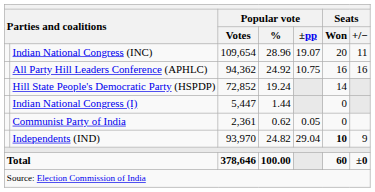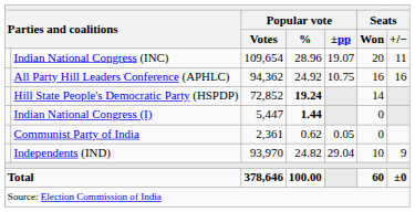 <table class=wikitable style=text-align:right>
 <tr>
 <th colspan=10></th>
 </tr>
 <tr>
 <th style="text-align:left;" rowspan="2" colspan="2">Parties and coalitions</th>
 <th colspan="3">Popular vote</th>
 <th colspan="2">Seats</th>
 </tr>
 <tr>
 <th>Votes</th>
 <th>%</th>
 <th>±<a href='#'>pp</a></th>
 <th>Won</th>
 <th>+/−</th>
 </tr>
 <tr>
 <td width="1" style="color:inherit;background:"></td>
 <td align="left"><a href='#'>Indian National Congress</a> (INC)</td>
 <td>109,654</td>
 <td>28.96</td>
 <td>19.07 </td>
 <td>20</td>
 <td>11 </td>
 </tr>
 <tr>
 <td width="1" style="color:inherit;background:"></td>
 <td align="left"><a href='#'>All Party Hill Leaders Conference</a> (APHLC)</td>
 <td>94,362</td>
 <td>24.92</td>
 <td>10.75 </td>
 <td>16</td>
 <td>16 </td>
 </tr>
 <tr>
 <td width="1" style="color:inherit;background:"></td>
 <td align="left"><a href='#'>Hill State People's Democratic Party</a> (HSPDP)</td>
 <td>72,852</td>
-<td>19.24</td>
+<td><strong>19.24</strong></td>
 <td style="color:inherit;background:#E9E9E9"></td>
 <td>14</td>
 <td style="color:inherit;background:#E9E9E9"></td>
 </tr>
 <tr>
 <td width="1" style="color:inherit;background:"></td>
 <td align="left"><a href='#'>Indian National Congress (I)</a></td>
 <td>5,447</td>
-<td>1.44</td>
+<td><strong>1.44</strong></td>
 <td style="color:inherit;background:#E9E9E9"></td>
 <td>0</td>
 <td style="color:inherit;background:#E9E9E9"></td>
 </tr>
 <tr>
 <td></td>
 <td align="left"><a href='#'>Communist Party of India</a></td>
 <td>2,361</td>
 <td>0.62</td>
 <td>0.05 </td>
 <td>0</td>
 <td></td>
 </tr>
 <tr>
 <td></td>
 <td align="left"><a href='#'>Independents</a> (IND)</td>
 <td>93,970</td>
 <td>24.82</td>
 <td>29.04 </td>
-<td><strong>10</strong></td>
+<td>10</td>
 <td>9 </td>
 </tr>
 <tr>
 <td colspan="7" bgcolor="#E9E9E9"></td>
 </tr>
 <tr style="font-weight:bold;">
 <td align="left" colspan="2">Total</td>
 <td>378,646</td>
 <td>100.00</td>
 <td bgcolor="#E9E9E9"></td>
 <td>60</td>
 <td>±0</td>
 </tr>
 <tr>
 <td style="text-align:left;" colspan="7"><small>Source: <a href='#'>Election Commission of India</a></small></td>
 </tr>
 </table>
